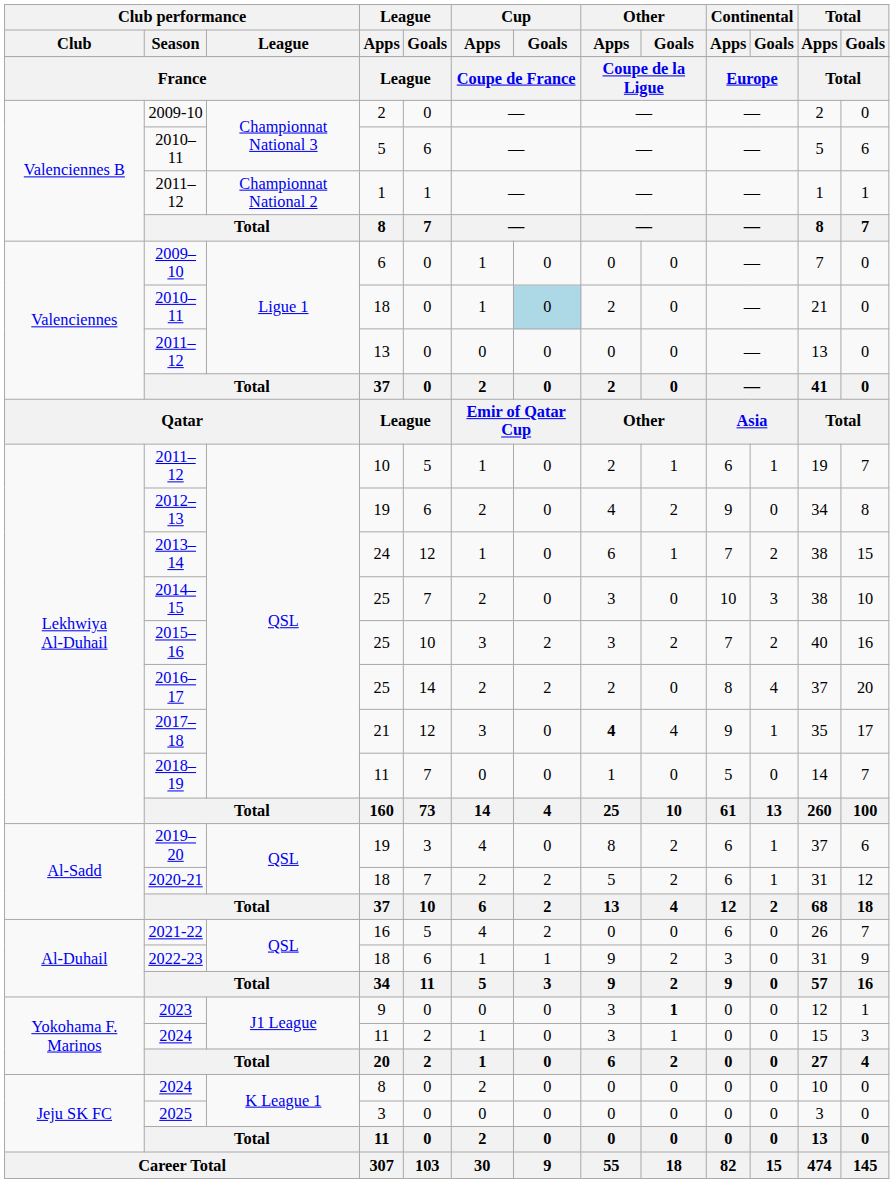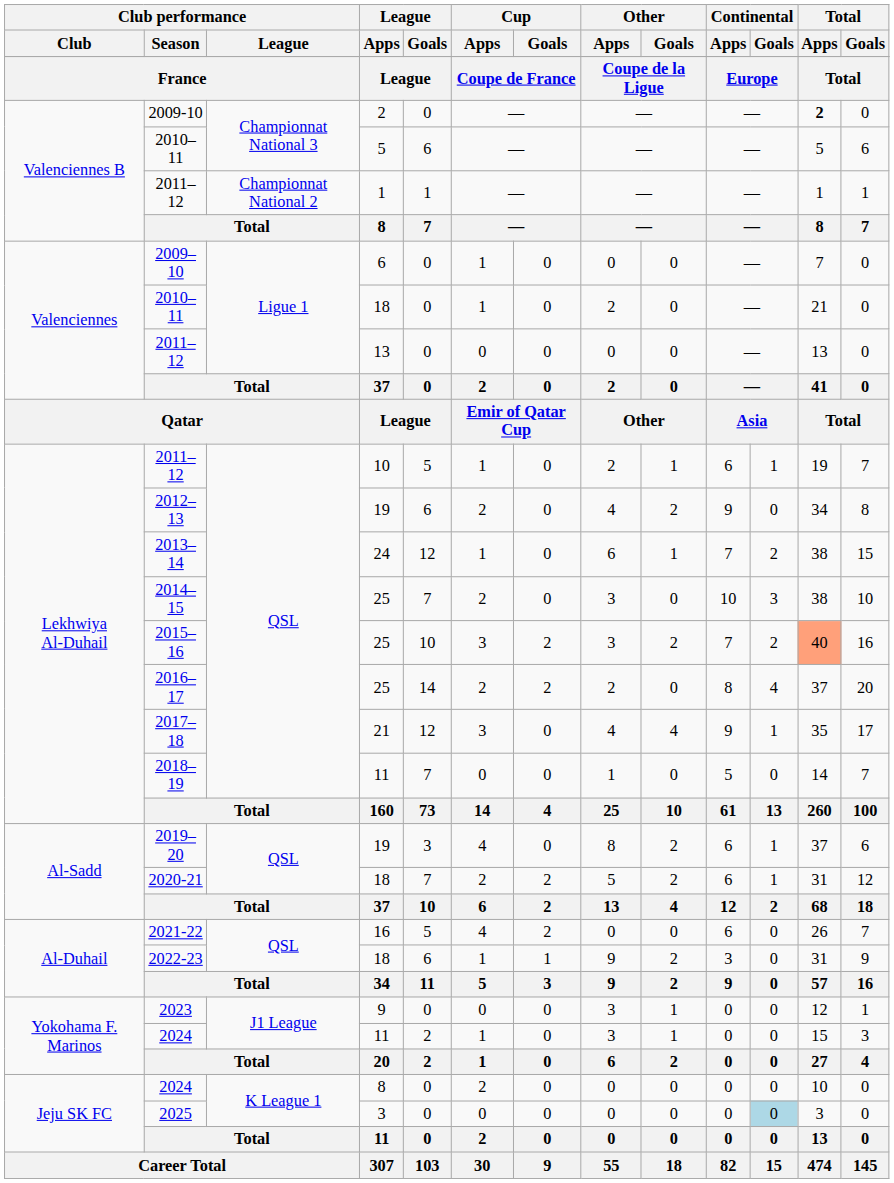 <table class="wikitable" style="text-align:center">
 <tr>
 <th colspan=3>Club performance</th>
 <th colspan="2">League</th>
 <th colspan="2">Cup</th>
 <th colspan="2">Other</th>
 <th colspan="2">Continental</th>
 <th colspan="2">Total</th>
 </tr>
 <tr>
 <th>Club</th>
 <th>Season</th>
 <th>League</th>
 <th>Apps</th>
 <th>Goals</th>
 <th>Apps</th>
 <th>Goals</th>
 <th>Apps</th>
 <th>Goals</th>
 <th>Apps</th>
 <th>Goals</th>
 <th>Apps</th>
 <th>Goals</th>
 </tr>
 <tr>
 </tr>
 <tr>
 <th colspan=3>France</th>
 <th colspan="2">League</th>
 <th colspan="2"><a href='#'>Coupe de France</a></th>
 <th colspan="2"><a href='#'>Coupe de la Ligue</a></th>
 <th colspan="2"><a href='#'>Europe</a></th>
 <th colspan="2">Total</th>
 </tr>
 <tr>
 <td rowspan="4"><a href='#'>Valenciennes B</a></td>
 <td>2009-10</td>
 <td rowspan="2"><a href='#'>Championnat National 3</a></td>
 <td>2</td>
 <td>0</td>
 <td colspan="2">—</td>
 <td colspan="2">—</td>
 <td colspan="2">—</td>
-<td>2</td>
+<td><strong>2</strong></td>
 <td>0</td>
 </tr>
 <tr>
 <td>2010–11</td>
 <td>5</td>
 <td>6</td>
 <td colspan="2">—</td>
 <td colspan="2">—</td>
 <td colspan="2">—</td>
 <td>5</td>
 <td>6</td>
 </tr>
 <tr>
 <td>2011–12</td>
 <td><a href='#'>Championnat National 2</a></td>
 <td>1</td>
 <td>1</td>
 <td colspan="2">—</td>
 <td colspan="2">—</td>
 <td colspan="2">—</td>
 <td>1</td>
 <td>1</td>
 </tr>
 <tr>
 <th colspan="2">Total</th>
 <th>8</th>
 <th>7</th>
 <th colspan="2">—</th>
 <th colspan="2">—</th>
 <th colspan="2">—</th>
 <th>8</th>
 <th>7</th>
 </tr>
 <tr>
 <td rowspan="4"><a href='#'>Valenciennes</a></td>
 <td><a href='#'>2009–10</a></td>
 <td rowspan="3"><a href='#'>Ligue 1</a></td>
 <td>6</td>
 <td>0</td>
 <td>1</td>
 <td>0</td>
 <td>0</td>
 <td>0</td>
 <td colspan="2">—</td>
 <td>7</td>
 <td>0</td>
 </tr>
 <tr>
 <td><a href='#'>2010–11</a></td>
 <td>18</td>
 <td>0</td>
 <td>1</td>
-<td style="background: lightblue;">0</td>
+<td>0</td>
 <td>2</td>
 <td>0</td>
 <td colspan="2">—</td>
 <td>21</td>
 <td>0</td>
 </tr>
 <tr>
 <td><a href='#'>2011–12</a></td>
 <td>13</td>
 <td>0</td>
 <td>0</td>
 <td>0</td>
 <td>0</td>
 <td>0</td>
 <td colspan="2">—</td>
 <td>13</td>
 <td>0</td>
 </tr>
 <tr>
 <th colspan="2">Total</th>
 <th>37</th>
 <th>0</th>
 <th>2</th>
 <th>0</th>
 <th>2</th>
 <th>0</th>
 <th colspan="2">—</th>
 <th>41</th>
 <th>0</th>
 </tr>
 <tr>
 <th colspan=3>Qatar</th>
 <th colspan="2">League</th>
 <th colspan="2"><a href='#'>Emir of Qatar Cup</a></th>
 <th colspan="2">Other </th>
 <th colspan="2"><a href='#'>Asia</a></th>
 <th colspan="2">Total</th>
 </tr>
 <tr>
 <td rowspan="9"><a href='#'>Lekhwiya</a><br><a href='#'>Al-Duhail</a></td>
 <td><a href='#'>2011–12</a></td>
 <td rowspan="8"><a href='#'>QSL</a></td>
 <td>10</td>
 <td>5</td>
 <td>1</td>
 <td>0</td>
 <td>2</td>
 <td>1</td>
 <td>6</td>
 <td>1</td>
 <td>19</td>
 <td>7</td>
 </tr>
 <tr>
 <td><a href='#'>2012–13</a></td>
 <td>19</td>
 <td>6</td>
 <td>2</td>
 <td>0</td>
 <td>4</td>
 <td>2</td>
 <td>9</td>
 <td>0</td>
 <td>34</td>
 <td>8</td>
 </tr>
 <tr>
 <td><a href='#'>2013–14</a></td>
 <td>24</td>
 <td>12</td>
 <td>1</td>
 <td>0</td>
 <td>6</td>
 <td>1</td>
 <td>7</td>
 <td>2</td>
 <td>38</td>
 <td>15</td>
 </tr>
 <tr>
 <td><a href='#'>2014–15</a></td>
 <td>25</td>
 <td>7</td>
 <td>2</td>
 <td>0</td>
 <td>3</td>
 <td>0</td>
 <td>10</td>
 <td>3</td>
 <td>38</td>
 <td>10</td>
 </tr>
 <tr>
 <td><a href='#'>2015–16</a></td>
 <td>25</td>
 <td>10</td>
 <td>3</td>
 <td>2</td>
 <td>3</td>
 <td>2</td>
 <td>7</td>
 <td>2</td>
-<td>40</td>
+<td style="background: lightsalmon;">40</td>
 <td>16</td>
 </tr>
 <tr>
 <td><a href='#'>2016–17</a></td>
 <td>25</td>
 <td>14</td>
 <td>2</td>
 <td>2</td>
 <td>2</td>
 <td>0</td>
 <td>8</td>
 <td>4</td>
 <td>37</td>
 <td>20</td>
 </tr>
 <tr>
 <td><a href='#'>2017–18</a></td>
 <td>21</td>
 <td>12</td>
 <td>3</td>
 <td>0</td>
-<td><strong>4</strong></td>
+<td>4</td>
 <td>4</td>
 <td>9</td>
 <td>1</td>
 <td>35</td>
 <td>17</td>
 </tr>
 <tr>
 <td><a href='#'>2018–19</a></td>
 <td>11</td>
 <td>7</td>
 <td>0</td>
 <td>0</td>
 <td>1</td>
 <td>0</td>
 <td>5</td>
 <td>0</td>
 <td>14</td>
 <td>7</td>
 </tr>
 <tr>
 <th colspan="2">Total</th>
 <th>160</th>
 <th>73</th>
 <th>14</th>
 <th>4</th>
 <th>25</th>
 <th>10</th>
 <th>61</th>
 <th>13</th>
 <th>260</th>
 <th>100</th>
 </tr>
 <tr>
 <td rowspan="3"><a href='#'>Al-Sadd</a></td>
 <td><a href='#'>2019–20</a></td>
 <td rowspan="2"><a href='#'>QSL</a></td>
 <td>19</td>
 <td>3</td>
 <td>4</td>
 <td>0</td>
 <td>8</td>
 <td>2</td>
 <td>6</td>
 <td>1</td>
 <td>37</td>
 <td>6</td>
 </tr>
 <tr>
 <td><a href='#'>2020-21</a></td>
 <td>18</td>
 <td>7</td>
 <td>2</td>
 <td>2</td>
 <td>5</td>
 <td>2</td>
 <td>6</td>
 <td>1</td>
 <td>31</td>
 <td>12</td>
 </tr>
 <tr>
 <th colspan="2">Total</th>
 <th>37</th>
 <th>10</th>
 <th>6</th>
 <th>2</th>
 <th>13</th>
 <th>4</th>
 <th>12</th>
 <th>2</th>
 <th>68</th>
 <th>18</th>
 </tr>
 <tr>
 <td rowspan="3"><a href='#'>Al-Duhail</a></td>
 <td><a href='#'>2021-22</a></td>
 <td rowspan="2"><a href='#'>QSL</a></td>
 <td>16</td>
 <td>5</td>
 <td>4</td>
 <td>2</td>
 <td>0</td>
 <td>0</td>
 <td>6</td>
 <td>0</td>
 <td>26</td>
 <td>7</td>
 </tr>
 <tr>
 <td><a href='#'>2022-23</a></td>
 <td>18</td>
 <td>6</td>
 <td>1</td>
 <td>1</td>
 <td>9</td>
 <td>2</td>
 <td>3</td>
 <td>0</td>
 <td>31</td>
 <td>9</td>
 </tr>
 <tr>
 <th colspan="2">Total</th>
 <th>34</th>
 <th>11</th>
 <th>5</th>
 <th>3</th>
 <th>9</th>
 <th>2</th>
 <th>9</th>
 <th>0</th>
 <th>57</th>
 <th>16</th>
 </tr>
 <tr>
 <td rowspan="3"><a href='#'>Yokohama F. Marinos</a></td>
 <td><a href='#'>2023</a></td>
 <td rowspan="2"><a href='#'>J1 League</a></td>
 <td>9</td>
 <td>0</td>
 <td>0</td>
 <td>0</td>
 <td>3</td>
-<td><strong>1</strong></td>
+<td>1</td>
 <td>0</td>
 <td>0</td>
 <td>12</td>
 <td>1</td>
 </tr>
 <tr>
 <td><a href='#'>2024</a></td>
 <td>11</td>
 <td>2</td>
 <td>1</td>
 <td>0</td>
 <td>3</td>
 <td>1</td>
 <td>0</td>
 <td>0</td>
 <td>15</td>
 <td>3</td>
 </tr>
 <tr>
 <th colspan="2">Total</th>
 <th>20</th>
 <th>2</th>
 <th>1</th>
 <th>0</th>
 <th>6</th>
 <th>2</th>
 <th>0</th>
 <th>0</th>
 <th>27</th>
 <th>4</th>
 </tr>
 <tr>
 <td rowspan="3"><a href='#'>Jeju SK FC</a></td>
 <td><a href='#'>2024</a></td>
 <td rowspan="2"><a href='#'>K League 1</a></td>
 <td>8</td>
 <td>0</td>
 <td>2</td>
 <td>0</td>
 <td>0</td>
 <td>0</td>
 <td>0</td>
 <td>0</td>
 <td>10</td>
 <td>0</td>
 </tr>
 <tr>
 <td><a href='#'>2025</a></td>
 <td>3</td>
 <td>0</td>
 <td>0</td>
 <td>0</td>
 <td>0</td>
 <td>0</td>
 <td>0</td>
-<td>0</td>
+<td style="background: lightblue;">0</td>
 <td>3</td>
 <td>0</td>
 </tr>
 <tr>
 <th colspan="2">Total</th>
 <th>11</th>
 <th>0</th>
 <th>2</th>
 <th>0</th>
 <th>0</th>
 <th>0</th>
 <th>0</th>
 <th>0</th>
 <th>13</th>
 <th>0</th>
 </tr>
 <tr>
 <th colspan=3>Career Total</th>
 <th>307</th>
 <th>103</th>
 <th>30</th>
 <th>9</th>
 <th>55</th>
 <th>18</th>
 <th>82</th>
 <th>15</th>
 <th>474</th>
 <th>145</th>
 </tr>
 </table>
